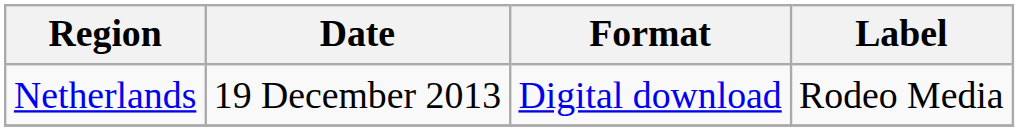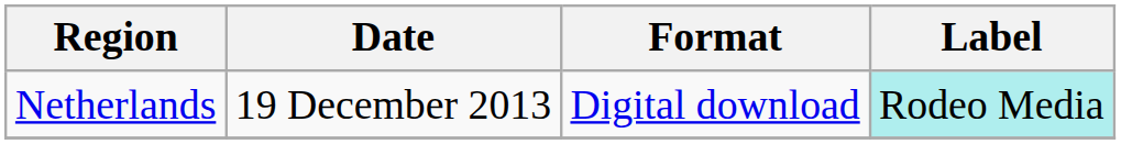 <table class=wikitable>
 <tr>
 <th>Region</th>
 <th>Date</th>
 <th>Format</th>
 <th>Label</th>
 </tr>
 <tr>
 <td><a href='#'>Netherlands</a></td>
 <td>19 December 2013</td>
 <td><a href='#'>Digital download</a></td>
-<td>Rodeo Media</td>
+<td style="background: paleturquoise;">Rodeo Media</td>
 </tr>
 <tr>
 </tr>
 </table>
